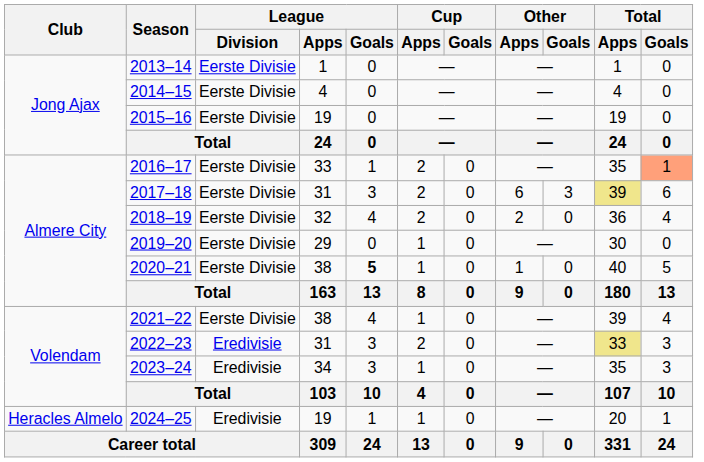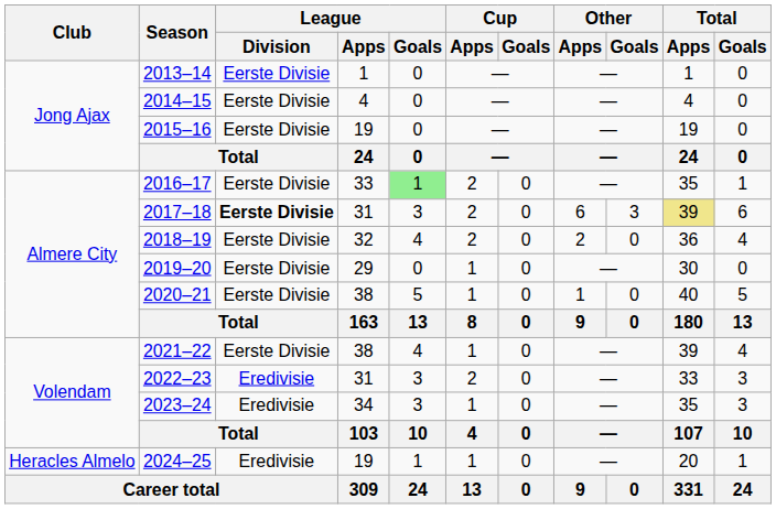 <table class="wikitable" style="text-align:center">
 <tr>
 <th rowspan="2">Club</th>
 <th rowspan="2">Season</th>
 <th colspan="3">League</th>
 <th colspan="2">Cup</th>
 <th colspan="2">Other</th>
 <th colspan="2">Total</th>
 </tr>
 <tr>
 <th>Division</th>
 <th>Apps</th>
 <th>Goals</th>
 <th>Apps</th>
 <th>Goals</th>
 <th>Apps</th>
 <th>Goals</th>
 <th>Apps</th>
 <th>Goals</th>
 </tr>
 <tr>
 <td rowspan="4"><a href='#'>Jong Ajax</a></td>
 <td><a href='#'>2013–14</a></td>
 <td><a href='#'>Eerste Divisie</a></td>
 <td>1</td>
 <td>0</td>
 <td colspan="2">—</td>
 <td colspan="2">—</td>
 <td>1</td>
 <td>0</td>
 </tr>
 <tr>
 <td><a href='#'>2014–15</a></td>
 <td>Eerste Divisie</td>
 <td>4</td>
 <td>0</td>
 <td colspan="2">—</td>
 <td colspan="2">—</td>
 <td>4</td>
 <td>0</td>
 </tr>
 <tr>
 <td><a href='#'>2015–16</a></td>
 <td>Eerste Divisie</td>
 <td>19</td>
 <td>0</td>
 <td colspan="2">—</td>
 <td colspan="2">—</td>
 <td>19</td>
 <td>0</td>
 </tr>
 <tr>
 <th colspan="2">Total</th>
 <th>24</th>
 <th>0</th>
 <th colspan="2">—</th>
 <th colspan="2">—</th>
 <th>24</th>
 <th>0</th>
 </tr>
 <tr>
 <td rowspan="6"><a href='#'>Almere City</a></td>
 <td><a href='#'>2016–17</a></td>
 <td>Eerste Divisie</td>
 <td>33</td>
-<td>1</td>
+<td style="background: lightgreen;">1</td>
 <td>2</td>
 <td>0</td>
 <td colspan="2">—</td>
 <td>35</td>
-<td style="background: lightsalmon;">1</td>
+<td>1</td>
 </tr>
 <tr>
 <td><a href='#'>2017–18</a></td>
-<td>Eerste Divisie</td>
+<td><strong>Eerste Divisie</strong></td>
 <td>31</td>
 <td>3</td>
 <td>2</td>
 <td>0</td>
 <td>6</td>
 <td>3</td>
 <td style="background: khaki;">39</td>
 <td>6</td>
 </tr>
 <tr>
 <td><a href='#'>2018–19</a></td>
 <td>Eerste Divisie</td>
 <td>32</td>
 <td>4</td>
 <td>2</td>
 <td>0</td>
 <td>2</td>
 <td>0</td>
 <td>36</td>
 <td>4</td>
 </tr>
 <tr>
 <td><a href='#'>2019–20</a></td>
 <td>Eerste Divisie</td>
 <td>29</td>
 <td>0</td>
 <td>1</td>
 <td>0</td>
 <td colspan="2">—</td>
 <td>30</td>
 <td>0</td>
 </tr>
 <tr>
 <td><a href='#'>2020–21</a></td>
 <td>Eerste Divisie</td>
 <td>38</td>
-<td><strong>5</strong></td>
+<td>5</td>
 <td>1</td>
 <td>0</td>
 <td>1</td>
 <td>0</td>
 <td>40</td>
 <td>5</td>
 </tr>
 <tr>
 <th colspan="2">Total</th>
 <th>163</th>
 <th>13</th>
 <th>8</th>
 <th>0</th>
 <th>9</th>
 <th>0</th>
 <th>180</th>
 <th>13</th>
 </tr>
 <tr>
 <td rowspan="4"><a href='#'>Volendam</a></td>
 <td><a href='#'>2021–22</a></td>
 <td>Eerste Divisie</td>
 <td>38</td>
 <td>4</td>
 <td>1</td>
 <td>0</td>
 <td colspan="2">—</td>
 <td>39</td>
 <td>4</td>
 </tr>
 <tr>
 <td><a href='#'>2022–23</a></td>
 <td><a href='#'>Eredivisie</a></td>
 <td>31</td>
 <td>3</td>
 <td>2</td>
 <td>0</td>
 <td colspan="2">—</td>
-<td style="background: khaki;">33</td>
+<td>33</td>
 <td>3</td>
 </tr>
 <tr>
 <td><a href='#'>2023–24</a></td>
 <td>Eredivisie</td>
 <td>34</td>
 <td>3</td>
 <td>1</td>
 <td>0</td>
 <td colspan="2">—</td>
 <td>35</td>
 <td>3</td>
 </tr>
 <tr>
 <th colspan="2">Total</th>
 <th>103</th>
 <th>10</th>
 <th>4</th>
 <th>0</th>
 <th colspan="2">—</th>
 <th>107</th>
 <th>10</th>
 </tr>
 <tr>
 <td rowspan="1"><a href='#'>Heracles Almelo</a></td>
 <td><a href='#'>2024–25</a></td>
 <td>Eredivisie</td>
 <td>19</td>
 <td>1</td>
 <td>1</td>
 <td>0</td>
 <td colspan="2">—</td>
 <td>20</td>
 <td>1</td>
 </tr>
 <tr>
 <th colspan="3">Career total</th>
 <th>309</th>
 <th>24</th>
 <th>13</th>
 <th>0</th>
 <th>9</th>
 <th>0</th>
 <th>331</th>
 <th>24</th>
 </tr>
 </table>
